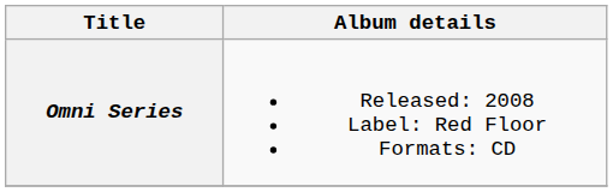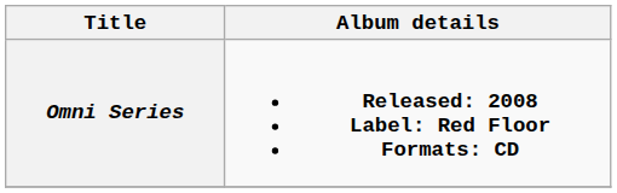 <table class="wikitable plainrowheaders" style="text-align:center;">
 <tr>
 <th scope="col" style="width:10em;">Title</th>
 <th scope="col" style="width:18em;">Album details</th>
 </tr>
 <tr>
 <th scope="row"><em>Omni Series</em></th>
-<td><br><ul><li>Released: 2008</li><li>Label: Red Floor</li><li>Formats: CD</li></ul></td>
+<td><strong><br><ul><li>Released: 2008</li><li>Label: Red Floor</li><li>Formats: CD</li></ul></strong></td>
 </tr>
 <tr>
 </tr>
 </table>
